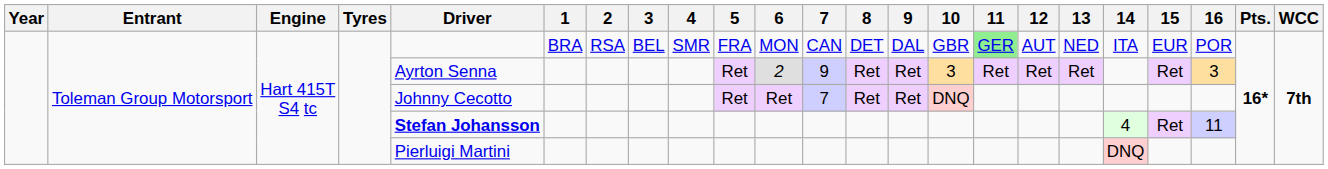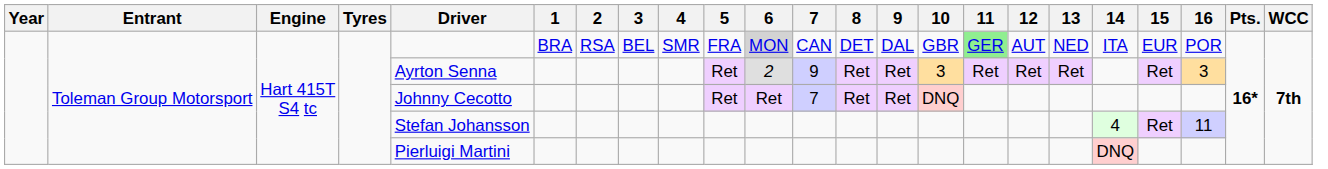 <table class="wikitable" style="text-align:center; font-size:95%">
 <tr>
 <th>Year</th>
 <th>Entrant</th>
 <th>Engine</th>
 <th>Tyres</th>
 <th>Driver</th>
 <th>1</th>
 <th>2</th>
 <th>3</th>
 <th>4</th>
 <th>5</th>
 <th>6</th>
 <th>7</th>
 <th>8</th>
 <th>9</th>
 <th>10</th>
 <th>11</th>
 <th>12</th>
 <th>13</th>
 <th>14</th>
 <th>15</th>
 <th>16</th>
 <th>Pts.</th>
 <th>WCC</th>
 </tr>
 <tr>
 <td rowspan="5"></td>
 <td rowspan="5"><a href='#'>Toleman Group Motorsport</a></td>
 <td rowspan="5"><a href='#'>Hart 415T</a><br><a href='#'>S4</a> <a href='#'>tc</a></td>
 <td rowspan="5"><br></td>
 <td></td>
 <td><a href='#'>BRA</a></td>
 <td><a href='#'>RSA</a></td>
 <td><a href='#'>BEL</a></td>
 <td><a href='#'>SMR</a></td>
 <td><a href='#'>FRA</a></td>
-<td><a href='#'>MON</a></td>
+<td style="background: lightgrey;"><a href='#'>MON</a></td>
 <td><a href='#'>CAN</a></td>
 <td><a href='#'>DET</a></td>
 <td><a href='#'>DAL</a></td>
 <td><a href='#'>GBR</a></td>
 <td style="background: lightgreen;"><a href='#'>GER</a></td>
 <td><a href='#'>AUT</a></td>
 <td><a href='#'>NED</a></td>
 <td><a href='#'>ITA</a></td>
 <td><a href='#'>EUR</a></td>
 <td><a href='#'>POR</a></td>
 <td rowspan="5"><strong>16*</strong></td>
 <td rowspan="5"><strong>7th</strong></td>
 </tr>
 <tr>
 <td align="left"><a href='#'>Ayrton Senna</a></td>
 <td></td>
 <td></td>
 <td></td>
 <td></td>
 <td style="background:#efcfff;">Ret</td>
 <td style="background:#dfdfdf;"><em>2</em></td>
 <td style="background:#cfcfff;">9</td>
 <td style="background:#efcfff;">Ret</td>
 <td style="background:#efcfff;">Ret</td>
 <td style="background:#ffdf9f;">3</td>
 <td style="background:#efcfff;">Ret</td>
 <td style="background:#efcfff;">Ret</td>
 <td style="background:#efcfff;">Ret</td>
 <td></td>
 <td style="background:#efcfff;">Ret</td>
 <td style="background:#ffdf9f;">3</td>
 </tr>
 <tr>
 <td align="left"><a href='#'>Johnny Cecotto</a></td>
 <td></td>
 <td></td>
 <td></td>
 <td></td>
 <td style="background:#efcfff;">Ret</td>
 <td style="background:#efcfff;">Ret</td>
 <td style="background:#cfcfff;">7</td>
 <td style="background:#efcfff;">Ret</td>
 <td style="background:#efcfff;">Ret</td>
 <td style="background:#ffcfcf;">DNQ</td>
 <td></td>
 <td></td>
 <td></td>
 <td></td>
 <td></td>
 <td></td>
 </tr>
 <tr>
-<td align="left"><strong><a href='#'>Stefan Johansson</a></strong></td>
+<td align="left"><a href='#'>Stefan Johansson</a></td>
 <td></td>
 <td></td>
 <td></td>
 <td></td>
 <td></td>
 <td></td>
 <td></td>
 <td></td>
 <td></td>
 <td></td>
 <td></td>
 <td></td>
 <td></td>
 <td style="background:#dfffdf;">4</td>
 <td style="background:#efcfff;">Ret</td>
 <td style="background:#cfcfff;">11</td>
 </tr>
 <tr>
 <td align="left"><a href='#'>Pierluigi Martini</a></td>
 <td></td>
 <td></td>
 <td></td>
 <td></td>
 <td></td>
 <td></td>
 <td></td>
 <td></td>
 <td></td>
 <td></td>
 <td></td>
 <td></td>
 <td></td>
 <td style="background:#ffcfcf;">DNQ</td>
 <td></td>
 <td></td>
 </tr>
 </table>
